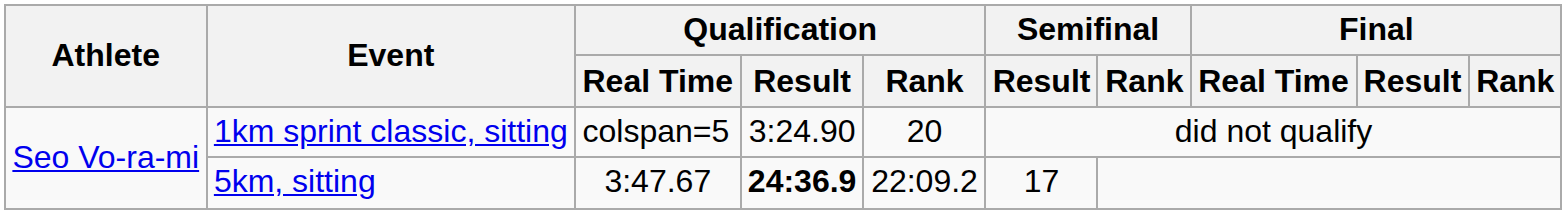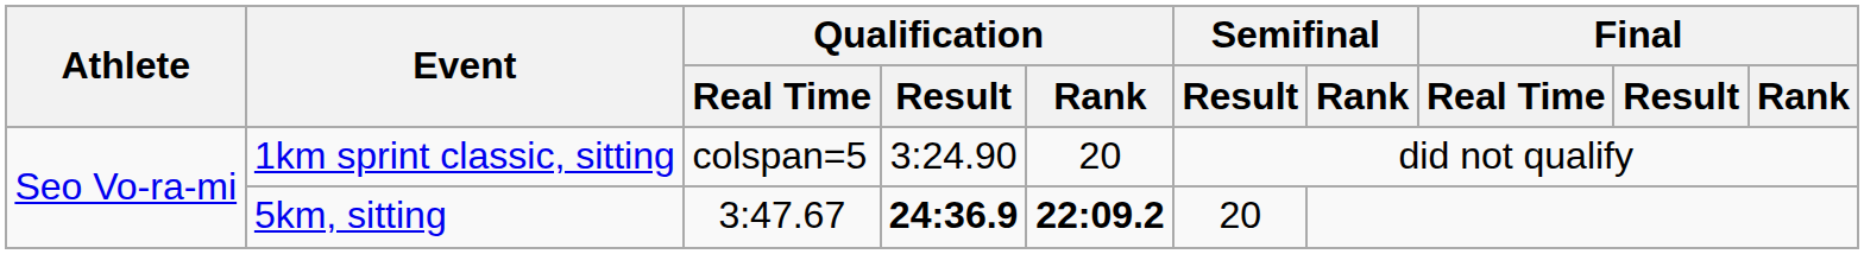 <table class="wikitable" style="font-size:100%">
 <tr>
 <th rowspan="2">Athlete</th>
 <th rowspan="2">Event</th>
 <th colspan="3">Qualification</th>
 <th colspan="2">Semifinal</th>
 <th colspan="3">Final</th>
 </tr>
 <tr>
 <th>Real Time</th>
 <th>Result</th>
 <th>Rank</th>
 <th>Result</th>
 <th>Rank</th>
 <th>Real Time</th>
 <th>Result</th>
 <th>Rank</th>
 </tr>
 <tr>
 <td rowspan=2><a href='#'>Seo Vo-ra-mi</a></td>
 <td><a href='#'>1km sprint classic, sitting</a></td>
 <td>colspan=5 </td>
 <td align="center">3:24.90</td>
 <td align="center">20</td>
 <td colspan=5 align="center">did not qualify</td>
 </tr>
 <tr>
 <td><a href='#'>5km, sitting</a></td>
 <td align="center">3:47.67</td>
 <td align="center"><strong>24:36.9</strong></td>
-<td align="center">22:09.2</td>
-<td align="center">17</td>
+<td align="center"><strong>22:09.2</strong></td>
+<td align="center">20</td>
 </tr>
 </table>
